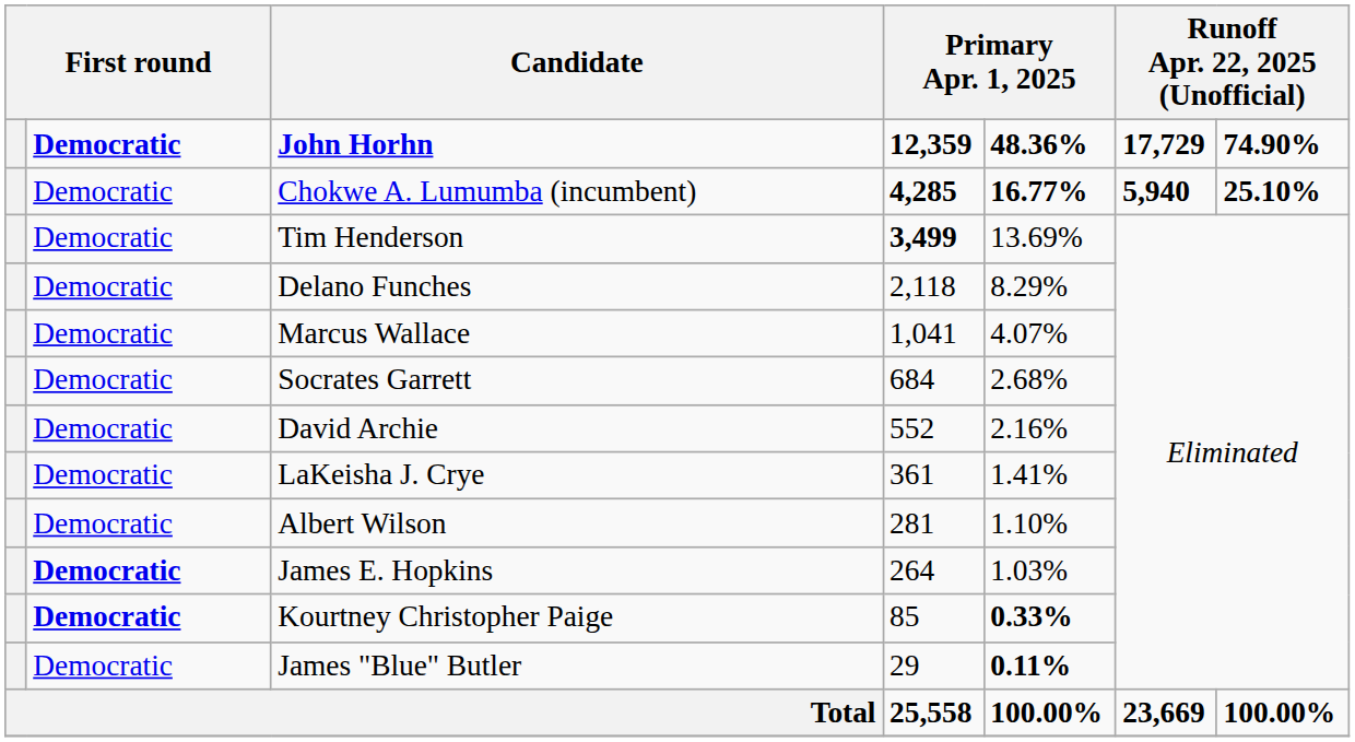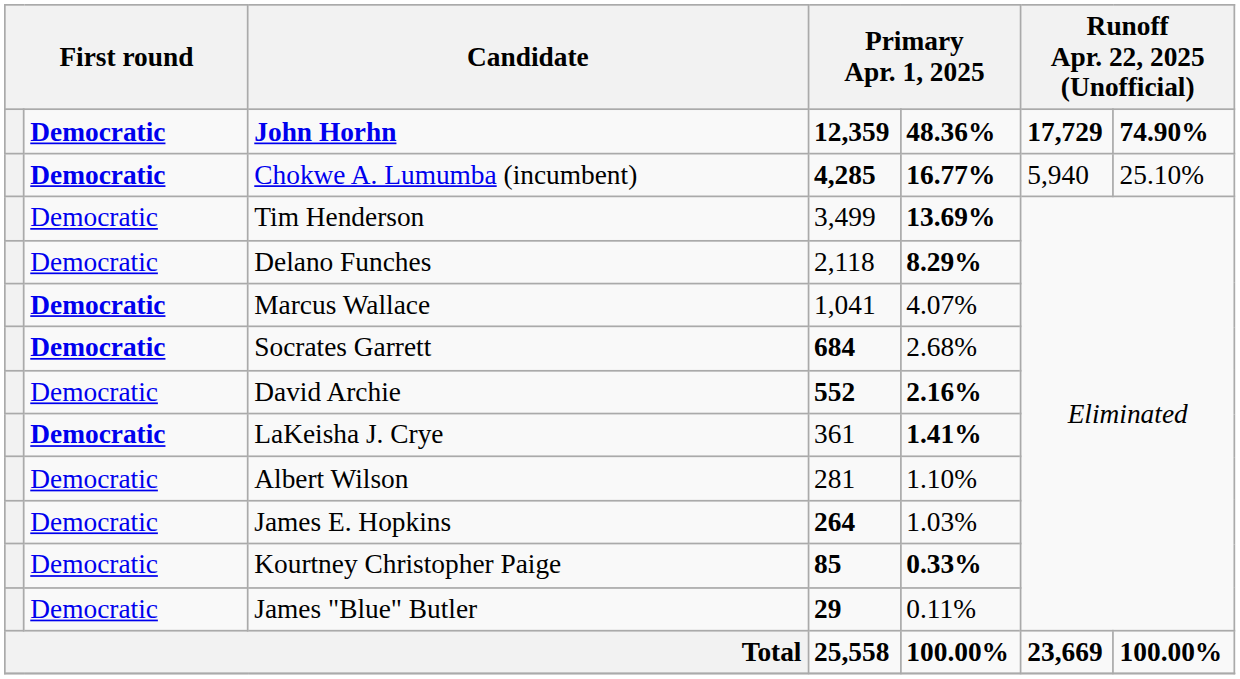 <table class="wikitable defaultright" style=width:45em; style="font-size: 95%;" |>
 <tr>
 <th colspan=2 style=width:8em>First round</th>
 <th style=width:20em>Candidate</th>
 <th colspan=2>Primary<br>Apr. 1, 2025</th>
 <th colspan=2>Runoff<br>Apr. 22, 2025<br>(Unofficial)</th>
 </tr>
 <tr>
 <th style="background-color:"></th>
 <td style="text-align:left;"><strong><a href='#'>Democratic</a></strong></td>
 <td style="text-align:left;"><strong><a href='#'>John Horhn</a></strong></td>
 <td><strong>12,359</strong></td>
 <td><strong>48.36%</strong></td>
 <td><strong>17,729</strong></td>
 <td><strong>74.90%</strong></td>
 </tr>
 <tr>
 <th style="background-color:"></th>
-<td style="text-align:left;"><a href='#'>Democratic</a></td>
+<td style="text-align:left;"><strong><a href='#'>Democratic</a></strong></td>
 <td style="text-align:left;"><a href='#'>Chokwe A. Lumumba</a> (incumbent)</td>
 <td><strong>4,285</strong></td>
 <td><strong>16.77%</strong></td>
-<td><strong>5,940</strong></td>
-<td><strong>25.10%</strong></td>
+<td>5,940</td>
+<td>25.10%</td>
 </tr>
 <tr>
 <th style="background-color:"></th>
 <td style="text-align:left;"><a href='#'>Democratic</a></td>
 <td style="text-align:left;">Tim Henderson</td>
-<td><strong>3,499</strong></td>
-<td>13.69%</td>
+<td>3,499</td>
+<td><strong>13.69%</strong></td>
 <td style="text-align:center;" colspan=2 rowspan=10><em>Eliminated</em></td>
 </tr>
 <tr>
 <th style="background-color:"></th>
 <td style="text-align:left;"><a href='#'>Democratic</a></td>
 <td style="text-align:left;">Delano Funches</td>
 <td>2,118</td>
-<td>8.29%</td>
+<td><strong>8.29%</strong></td>
 </tr>
 <tr>
 <th style="background-color:"></th>
-<td style="text-align:left;"><a href='#'>Democratic</a></td>
+<td style="text-align:left;"><strong><a href='#'>Democratic</a></strong></td>
 <td style="text-align:left;">Marcus Wallace</td>
 <td>1,041</td>
 <td>4.07%</td>
 </tr>
 <tr>
 <th style="background-color:"></th>
-<td style="text-align:left;"><a href='#'>Democratic</a></td>
+<td style="text-align:left;"><strong><a href='#'>Democratic</a></strong></td>
 <td style="text-align:left;">Socrates Garrett</td>
-<td>684</td>
+<td><strong>684</strong></td>
 <td>2.68%</td>
 </tr>
 <tr>
 <th style="background-color:"></th>
 <td style="text-align:left;"><a href='#'>Democratic</a></td>
 <td style="text-align:left;">David Archie</td>
-<td>552</td>
-<td>2.16%</td>
+<td><strong>552</strong></td>
+<td><strong>2.16%</strong></td>
 </tr>
 <tr>
 <th style="background-color:"></th>
-<td style="text-align:left;"><a href='#'>Democratic</a></td>
+<td style="text-align:left;"><strong><a href='#'>Democratic</a></strong></td>
 <td style="text-align:left;">LaKeisha J. Crye</td>
 <td>361</td>
-<td>1.41%</td>
+<td><strong>1.41%</strong></td>
 </tr>
 <tr>
 <th style="background-color:"></th>
 <td style="text-align:left;"><a href='#'>Democratic</a></td>
 <td style="text-align:left;">Albert Wilson</td>
 <td>281</td>
 <td>1.10%</td>
 </tr>
 <tr>
 <th style="background-color:"></th>
-<td style="text-align:left;"><strong><a href='#'>Democratic</a></strong></td>
+<td style="text-align:left;"><a href='#'>Democratic</a></td>
 <td style="text-align:left;">James E. Hopkins</td>
-<td>264</td>
+<td><strong>264</strong></td>
 <td>1.03%</td>
 </tr>
 <tr>
 <th style="background-color:"></th>
-<td style="text-align:left;"><strong><a href='#'>Democratic</a></strong></td>
+<td style="text-align:left;"><a href='#'>Democratic</a></td>
 <td style="text-align:left;">Kourtney Christopher Paige</td>
-<td>85</td>
+<td><strong>85</strong></td>
 <td><strong>0.33%</strong></td>
 </tr>
 <tr>
 <th style="background-color:"></th>
 <td style="text-align:left;"><a href='#'>Democratic</a></td>
 <td style="text-align:left;">James "Blue" Butler</td>
-<td>29</td>
-<td><strong>0.11%</strong></td>
+<td><strong>29</strong></td>
+<td>0.11%</td>
 </tr>
 <tr>
 <th style="text-align: right;" colspan=3>Total</th>
 <td><strong>25,558</strong></td>
 <td><strong>100.00%</strong></td>
 <td><strong>23,669</strong></td>
 <td><strong>100.00%</strong></td>
 </tr>
 <tr>
 </tr>
 </table>
